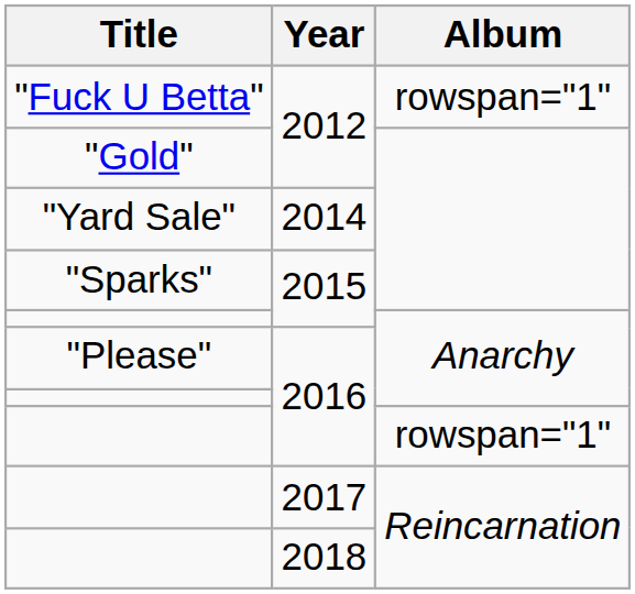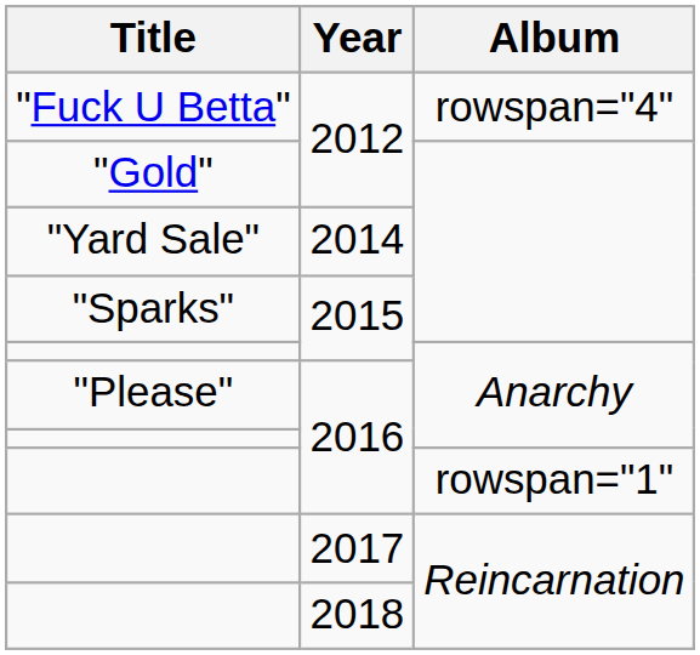 <table class="wikitable plainrowheaders" style="text-align:center;">
 <tr>
 <th scope="col">Title</th>
 <th scope="col">Year</th>
 <th scope="col">Album</th>
 </tr>
 <tr>
 <td scope="row">"<a href='#'>Fuck U Betta</a>"</td>
 <td rowspan="2">2012</td>
-<td>rowspan="1" </td>
+<td>rowspan="4" </td>
 </tr>
 <tr>
 <td scope="row">"<a href='#'>Gold</a>"</td>
 </tr>
 <tr>
 <td scope="row">"Yard Sale"</td>
 <td>2014</td>
 </tr>
 <tr>
 <td scope="row">"Sparks"</td>
 <td rowspan="2">2015</td>
 </tr>
 <tr>
 <td></td>
 <td rowspan="3"><em>Anarchy</em></td>
 </tr>
 <tr>
 <td scope="row">"Please"</td>
 <td rowspan="3">2016</td>
 </tr>
 <tr>
 <td></td>
 </tr>
 <tr>
 <td></td>
 <td>rowspan="1" </td>
 </tr>
 <tr>
 <td></td>
 <td>2017</td>
 <td rowspan="2"><em>Reincarnation</em></td>
 </tr>
 <tr>
 <td></td>
 <td>2018</td>
 </tr>
 </table>
